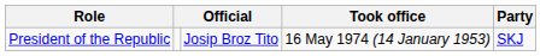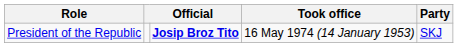 <table class="wikitable">
 <tr>
 <th style="text-align: center;">Role</th>
 <th colspan="2" style="text-align: center;">Official</th>
 <th style="text-align: center;">Took office</th>
 <th style="text-align: center;">Party</th>
 </tr>
 <tr>
 <td><a href='#'>President of the Republic</a></td>
 <td style="background:"></td>
-<td><a href='#'>Josip Broz Tito</a></td>
+<td><strong><a href='#'>Josip Broz Tito</a></strong></td>
 <td>16 May 1974 <em>(14 January 1953)</em></td>
 <td><a href='#'>SKJ</a></td>
 </tr>
 </table>
